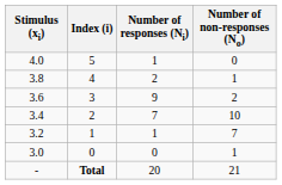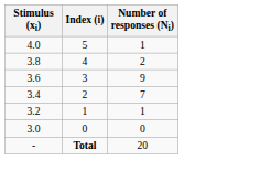 <table class="wikitable">
 <tr>
 <th style="width: 80px">Stimulus (x<sub>i</sub>)</th>
 <th style="width: 60px">Index (i)</th>
 <th style="width: 100px">Number of responses (N<sub>i</sub>)</th>
-<th style="width: 108px">Number of non-responses (N<sub>o</sub>)</th>
 </tr>
 <tr>
 <td style=" text-align:center">4.0</td>
 <td style=" text-align:center">5</td>
 <td style=" text-align:center">1</td>
-<td style=" text-align:center">0</td>
 </tr>
 <tr>
 <td style=" text-align:center">3.8</td>
 <td style=" text-align:center">4</td>
 <td style=" text-align:center">2</td>
-<td style=" text-align:center">1</td>
 </tr>
 <tr>
 <td style=" text-align:center">3.6</td>
 <td style=" text-align:center">3</td>
 <td style=" text-align:center">9</td>
-<td style=" text-align:center">2</td>
 </tr>
 <tr>
 <td style=" text-align:center">3.4</td>
 <td style=" text-align:center">2</td>
 <td style=" text-align:center">7</td>
-<td style=" text-align:center">10</td>
 </tr>
 <tr>
 <td style=" text-align:center">3.2</td>
 <td style=" text-align:center">1</td>
 <td style=" text-align:center">1</td>
-<td style=" text-align:center">7</td>
 </tr>
 <tr>
 <td style=" text-align:center">3.0</td>
 <td style=" text-align:center">0</td>
 <td style=" text-align:center">0</td>
-<td style=" text-align:center">1</td>
 </tr>
 <tr>
 <td style=" text-align:center">-</td>
 <td style=" text-align:center"><strong>Total</strong></td>
 <td style=" text-align:center">20</td>
-<td style=" text-align:center">21</td>
 </tr>
 </table>
